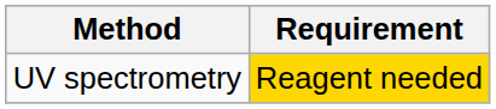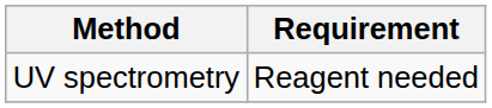 <table class="wikitable">
 <tr>
 <th>Method</th>
 <th>Requirement</th>
 </tr>
 <tr>
 <td>UV spectrometry</td>
-<td style="background: gold;">Reagent needed</td>
+<td>Reagent needed</td>
 </tr>
 </table>
